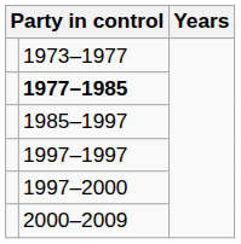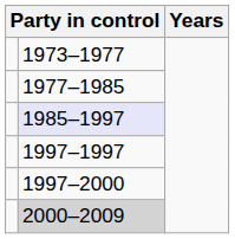 <table class="wikitable">
 <tr>
 <th colspan="2">Party in control</th>
 <th>Years</th>
 </tr>
 <tr>
 <td></td>
 <td>1973–1977</td>
 </tr>
 <tr>
 <td></td>
-<td><strong>1977–1985</strong></td>
+<td>1977–1985</td>
 </tr>
 <tr>
 <td></td>
-<td>1985–1997</td>
+<td style="background: lavender;">1985–1997</td>
 </tr>
 <tr>
 <td></td>
 <td>1997–1997</td>
 </tr>
 <tr>
 <td></td>
 <td>1997–2000</td>
 </tr>
 <tr>
 <td></td>
-<td>2000–2009</td>
+<td style="background: lightgrey;">2000–2009</td>
 </tr>
 </table>
